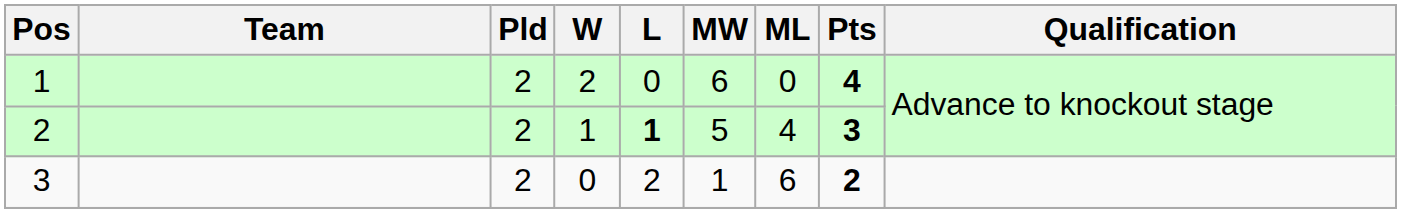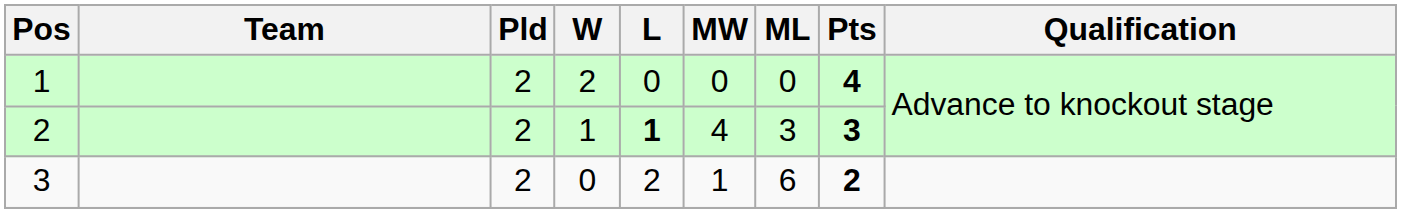 <table class="wikitable" style="text-align:center">
 <tr>
 <th width=25>Pos</th>
 <th width=200>Team</th>
 <th width=25>Pld</th>
 <th width=25>W</th>
 <th width=25>L</th>
 <th width=25>MW</th>
 <th width=25>ML</th>
 <th width=25>Pts</th>
 <th width=250>Qualification</th>
 </tr>
 <tr bgcolor=ccffcc>
 <td>1</td>
 <td style="text-align:left;"></td>
 <td>2</td>
 <td>2</td>
 <td>0</td>
-<td>6</td>
+<td>0</td>
 <td>0</td>
 <td><strong>4</strong></td>
 <td rowspan=2 style="text-align:left;">Advance to knockout stage</td>
 </tr>
 <tr bgcolor=ccffcc>
 <td>2</td>
 <td style="text-align:left;"></td>
 <td>2</td>
 <td>1</td>
 <td><strong>1</strong></td>
-<td>5</td>
 <td>4</td>
+<td>3</td>
 <td><strong>3</strong></td>
 </tr>
 <tr>
 <td>3</td>
 <td style="text-align:left;"></td>
 <td>2</td>
 <td>0</td>
 <td>2</td>
 <td>1</td>
 <td>6</td>
 <td><strong>2</strong></td>
 <td></td>
 </tr>
 <tr>
 </tr>
 </table>
